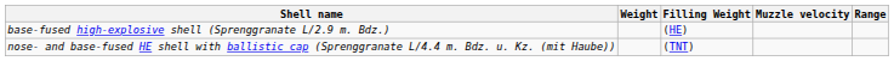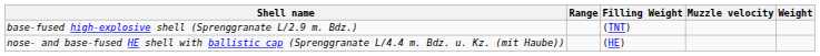 <table class="wikitable" border="1">
 <tr>
 <th>Shell name</th>
-<th>Weight</th>
+<th>Range</th>
 <th>Filling Weight</th>
 <th>Muzzle velocity</th>
-<th>Range</th>
+<th>Weight</th>
 </tr>
 <tr>
 <td><em>base-fused <a href='#'>high-explosive</a> shell (Sprenggranate L/2.9 m. Bdz.)</em></td>
 <td></td>
-<td> (<a href='#'>HE</a>)</td>
+<td> (<a href='#'>TNT</a>)</td>
 <td></td>
 <td></td>
 </tr>
 <tr>
 <td><em>nose- and base-fused <a href='#'>HE</a> shell with <a href='#'>ballistic cap</a> (Sprenggranate L/4.4 m. Bdz. u. Kz. (mit Haube))</em></td>
 <td></td>
-<td> (<a href='#'>TNT</a>)</td>
+<td> (<a href='#'>HE</a>)</td>
 <td></td>
 <td></td>
 </tr>
 </table>
